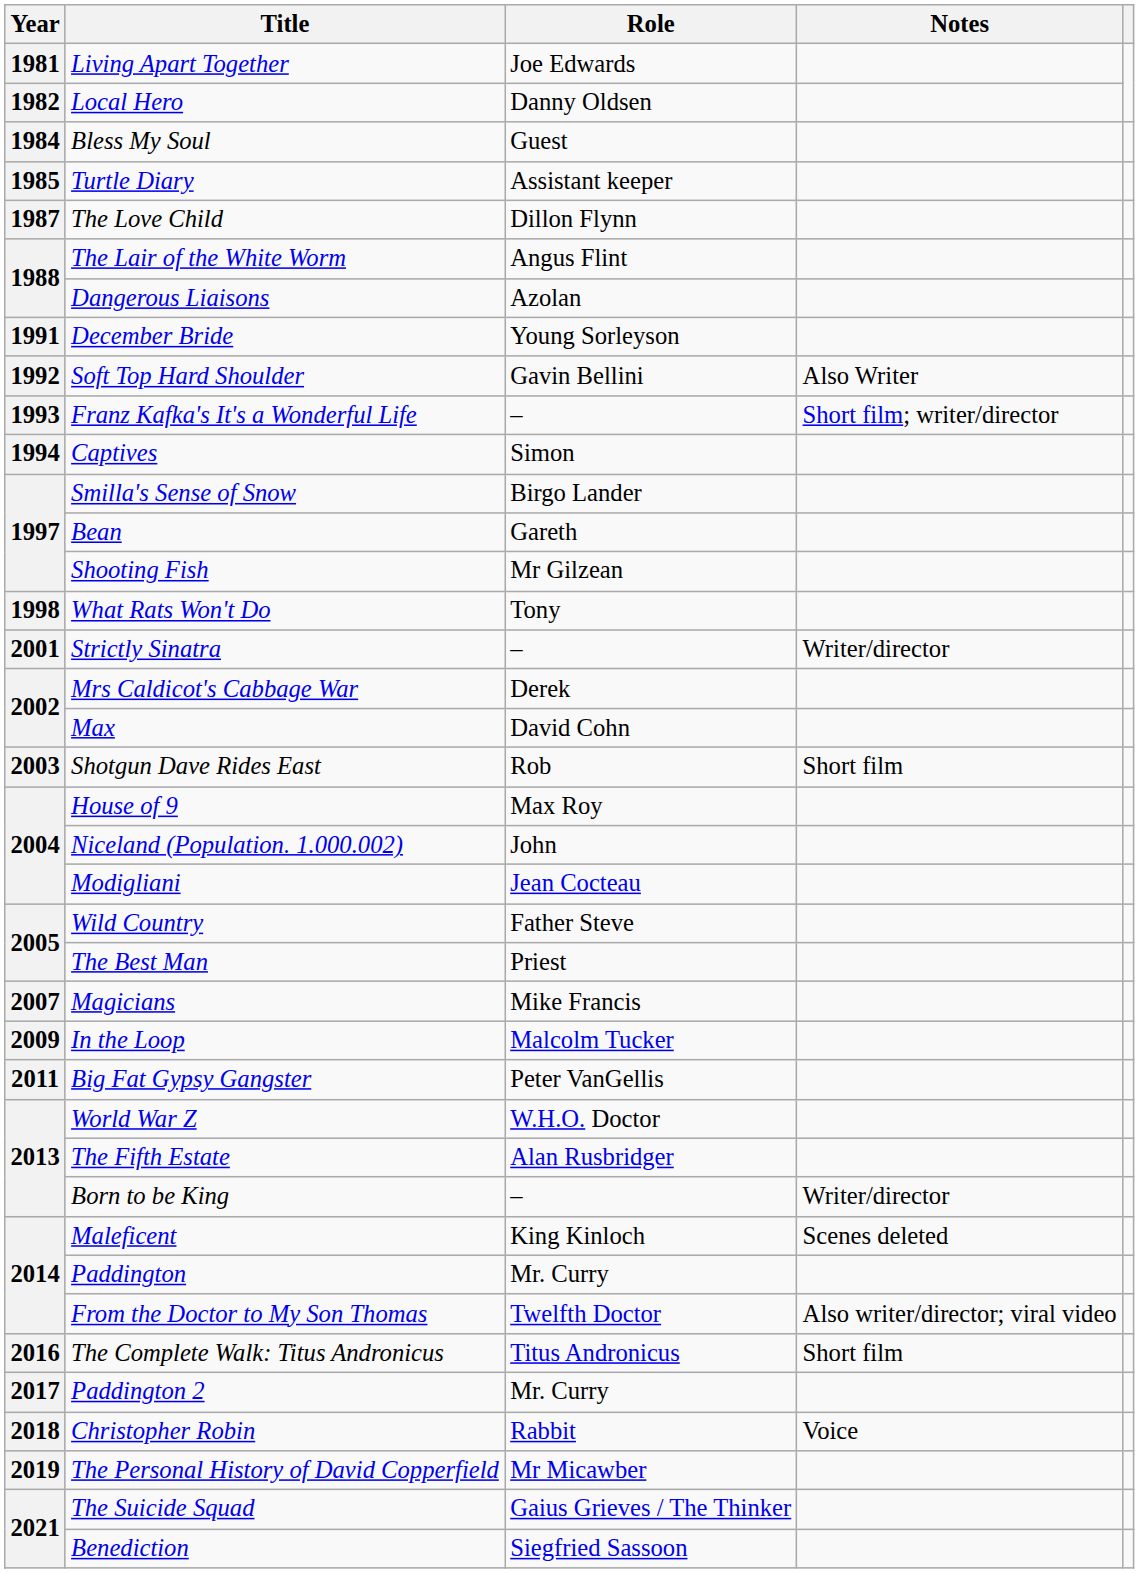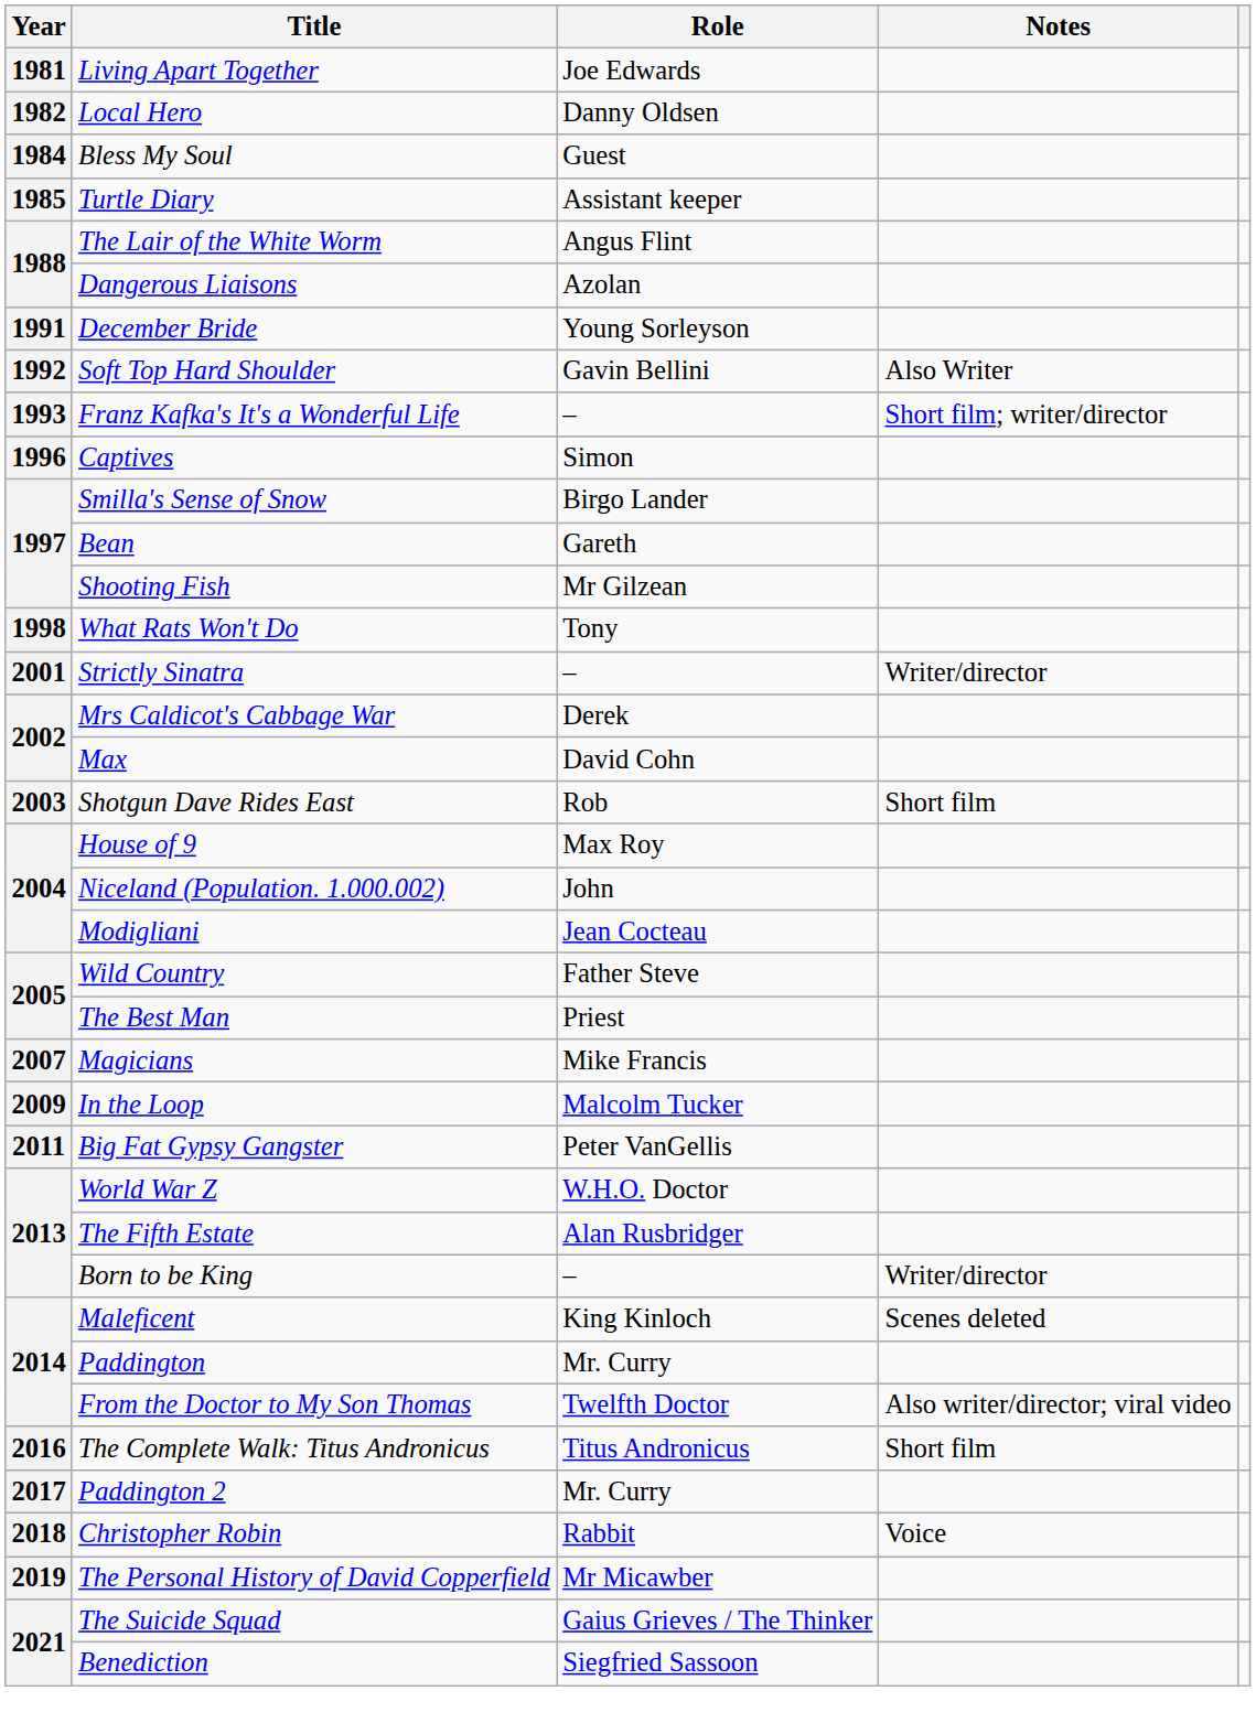 <table class="wikitable sortable">
 <tr>
 <th scope=col>Year</th>
 <th scope=col>Title</th>
 <th scope=col>Role</th>
 <th scope=col>Notes</th>
 <th scope="col" class="unsortable"></th>
 </tr>
 <tr>
 <th scope=row>1981</th>
 <td><em><a href='#'>Living Apart Together</a></em></td>
 <td data-sort-value="Edwards, Joe">Joe Edwards</td>
 <td></td>
 <td rowspan="2"></td>
 </tr>
 <tr>
 <th scope=row>1982</th>
 <td><em><a href='#'>Local Hero</a></em></td>
 <td data-sort-value="Olden, Danny">Danny Oldsen</td>
 </tr>
 <tr>
 <th scope=row>1984</th>
 <td><em>Bless My Soul</em></td>
 <td>Guest</td>
 <td></td>
 <td></td>
 </tr>
 <tr>
 <th scope=row>1985</th>
 <td><em><a href='#'>Turtle Diary</a></em></td>
 <td>Assistant keeper</td>
-<td></td>
-<td></td>
-</tr>
-<tr>
-<th scope=row>1987</th>
-<td data-sort-value="Love Child, The"><em>The Love Child</em></td>
-<td data-sort-value="Flynn, Dillion">Dillon Flynn</td>
 <td></td>
 <td></td>
 </tr>
 <tr>
 <th scope="row" rowspan="2">1988</th>
 <td data-sort-value="Lair of the White Worm, The"><em><a href='#'>The Lair of the White Worm</a></em></td>
 <td data-sort-value="Flint, Angus">Angus Flint</td>
 <td></td>
 <td></td>
 </tr>
 <tr>
 <td><em><a href='#'>Dangerous Liaisons</a></em></td>
 <td>Azolan</td>
 <td></td>
 <td></td>
 </tr>
 <tr>
 <th scope=row>1991</th>
 <td><em><a href='#'>December Bride</a></em></td>
 <td>Young Sorleyson</td>
 <td></td>
 <td></td>
 </tr>
 <tr>
 <th scope=row>1992</th>
 <td><em><a href='#'>Soft Top Hard Shoulder</a></em></td>
 <td data-sort-value="Bellini, Gavin">Gavin Bellini</td>
 <td>Also Writer</td>
 <td></td>
 </tr>
 <tr>
 <th scope=row>1993</th>
 <td><em><a href='#'>Franz Kafka's It's a Wonderful Life</a></em></td>
 <td>–</td>
 <td><a href='#'>Short film</a>; writer/director</td>
 <td></td>
 </tr>
 <tr>
-<th scope=row>1994</th>
+<th scope=row>1996</th>
 <td><em><a href='#'>Captives</a></em></td>
 <td>Simon</td>
 <td></td>
 <td></td>
 </tr>
 <tr>
 <th scope="row" rowspan="3">1997</th>
 <td><em><a href='#'>Smilla's Sense of Snow</a></em></td>
 <td data-sort-value="Lander, Birgo">Birgo Lander</td>
 <td></td>
 <td></td>
 </tr>
 <tr>
 <td><em><a href='#'>Bean</a></em></td>
 <td>Gareth</td>
 <td></td>
 <td></td>
 </tr>
 <tr>
 <td><em><a href='#'>Shooting Fish</a></em></td>
 <td>Mr Gilzean</td>
 <td></td>
 <td></td>
 </tr>
 <tr>
 <th scope=row>1998</th>
 <td><em><a href='#'>What Rats Won't Do</a></em></td>
 <td>Tony</td>
 <td></td>
 <td></td>
 </tr>
 <tr>
 <th scope=row>2001</th>
 <td><em><a href='#'>Strictly Sinatra</a></em></td>
 <td>–</td>
 <td>Writer/director</td>
 <td></td>
 </tr>
 <tr>
 <th scope="row" rowspan="2">2002</th>
 <td><em><a href='#'>Mrs Caldicot's Cabbage War</a></em></td>
 <td>Derek</td>
 <td></td>
 <td></td>
 </tr>
 <tr>
 <td><em><a href='#'>Max</a></em></td>
 <td data-sort-value="Cohn, David">David Cohn</td>
 <td></td>
 <td></td>
 </tr>
 <tr>
 <th scope=row>2003</th>
 <td><em>Shotgun Dave Rides East</em></td>
 <td>Rob</td>
 <td>Short film</td>
 <td></td>
 </tr>
 <tr>
 <th scope="row" rowspan="3">2004</th>
 <td><em><a href='#'>House of 9</a></em></td>
 <td data-sort-value="Roy, Max">Max Roy</td>
 <td></td>
 <td></td>
 </tr>
 <tr>
 <td><em><a href='#'>Niceland (Population. 1.000.002)</a></em></td>
 <td>John</td>
 <td></td>
 <td></td>
 </tr>
 <tr>
 <td><em><a href='#'>Modigliani</a></em></td>
 <td data-sort-value="Cocteau, Jean"><a href='#'>Jean Cocteau</a></td>
 <td></td>
 <td></td>
 </tr>
 <tr>
 <th scope="row" rowspan="2">2005</th>
 <td><em><a href='#'>Wild Country</a></em></td>
 <td>Father Steve</td>
 <td></td>
 <td></td>
 </tr>
 <tr>
 <td data-sort-value="Best Man, The"><em><a href='#'>The Best Man</a></em></td>
 <td>Priest</td>
 <td></td>
 <td></td>
 </tr>
 <tr>
 <th scope=row>2007</th>
 <td><em><a href='#'>Magicians</a></em></td>
 <td data-sort-value="Francis, Mike">Mike Francis</td>
 <td></td>
 <td></td>
 </tr>
 <tr>
 <th scope=row>2009</th>
 <td><em><a href='#'>In the Loop</a></em></td>
 <td data-sort-value="Tucker, Malcolm"><a href='#'>Malcolm Tucker</a></td>
 <td></td>
 <td></td>
 </tr>
 <tr>
 <th scope=row>2011</th>
 <td><em><a href='#'>Big Fat Gypsy Gangster</a></em></td>
 <td data-sort-value="VenGellis, Peter">Peter VanGellis</td>
 <td></td>
 <td></td>
 </tr>
 <tr>
 <th scope="row" rowspan="3">2013</th>
 <td><em><a href='#'>World War Z</a></em></td>
 <td><a href='#'>W.H.O.</a> Doctor</td>
 <td></td>
 <td></td>
 </tr>
 <tr>
 <td data-sort-value="Fifth Estate, The"><em><a href='#'>The Fifth Estate</a></em></td>
 <td data-sort-value="Rusbridger, Alan"><a href='#'>Alan Rusbridger</a></td>
 <td></td>
 <td></td>
 </tr>
 <tr>
 <td><em>Born to be King</em></td>
 <td>–</td>
 <td>Writer/director</td>
 <td></td>
 </tr>
 <tr>
 <th scope="row" rowspan="3">2014</th>
 <td><em><a href='#'>Maleficent</a></em></td>
 <td>King Kinloch</td>
 <td>Scenes deleted</td>
 <td></td>
 </tr>
 <tr>
 <td><em><a href='#'>Paddington</a></em></td>
 <td>Mr. Curry</td>
 <td></td>
 <td></td>
 </tr>
 <tr>
 <td><em><a href='#'>From the Doctor to My Son Thomas</a></em></td>
 <td><a href='#'>Twelfth Doctor</a></td>
 <td>Also writer/director; viral video</td>
 <td></td>
 </tr>
 <tr>
 <th scope=row>2016</th>
 <td data-sort-value="Complete Walk: Titus Andronicus, The"><em>The Complete Walk: Titus Andronicus</em></td>
 <td><a href='#'>Titus Andronicus</a></td>
 <td>Short film</td>
 <td></td>
 </tr>
 <tr>
 <th scope=row>2017</th>
 <td><em><a href='#'>Paddington 2</a></em></td>
 <td>Mr. Curry</td>
 <td></td>
 <td></td>
 </tr>
 <tr>
 <th scope=row>2018</th>
 <td><em><a href='#'>Christopher Robin</a></em></td>
 <td><a href='#'>Rabbit</a></td>
 <td>Voice</td>
 <td></td>
 </tr>
 <tr>
 <th scope=row>2019</th>
 <td data-sort-value="Personal History of David Copperfield, The"><em><a href='#'>The Personal History of David Copperfield</a></em></td>
 <td><a href='#'>Mr Micawber</a></td>
 <td></td>
 <td></td>
 </tr>
 <tr>
 <th scope="row" rowspan="2">2021</th>
 <td data-sort-value="Suicide Squad, The"><em><a href='#'>The Suicide Squad</a></em></td>
 <td data-sort-value="Grieves, Gaius"><a href='#'>Gaius Grieves / The Thinker</a></td>
 <td></td>
 <td></td>
 </tr>
 <tr>
 <td><em><a href='#'>Benediction</a></em></td>
 <td data-sort-value="Sassoon, Siegfried"><a href='#'>Siegfried Sassoon</a></td>
 <td></td>
 <td></td>
 </tr>
 </table>
